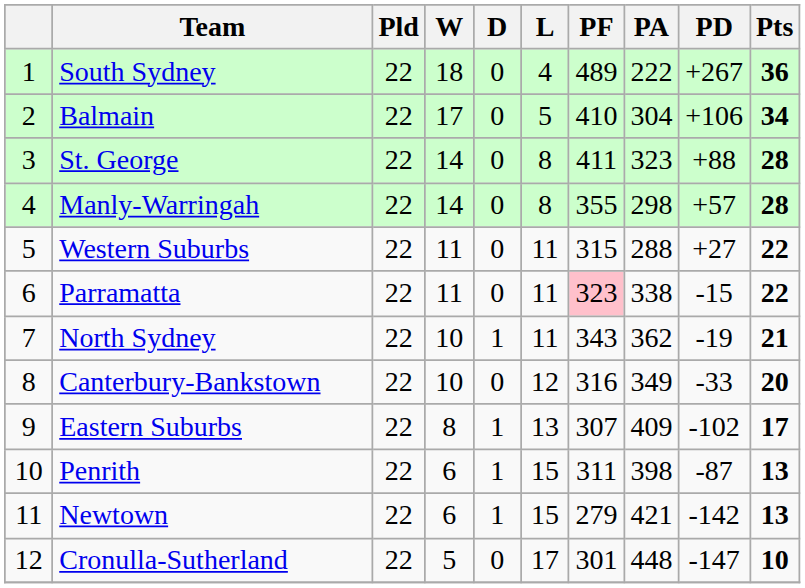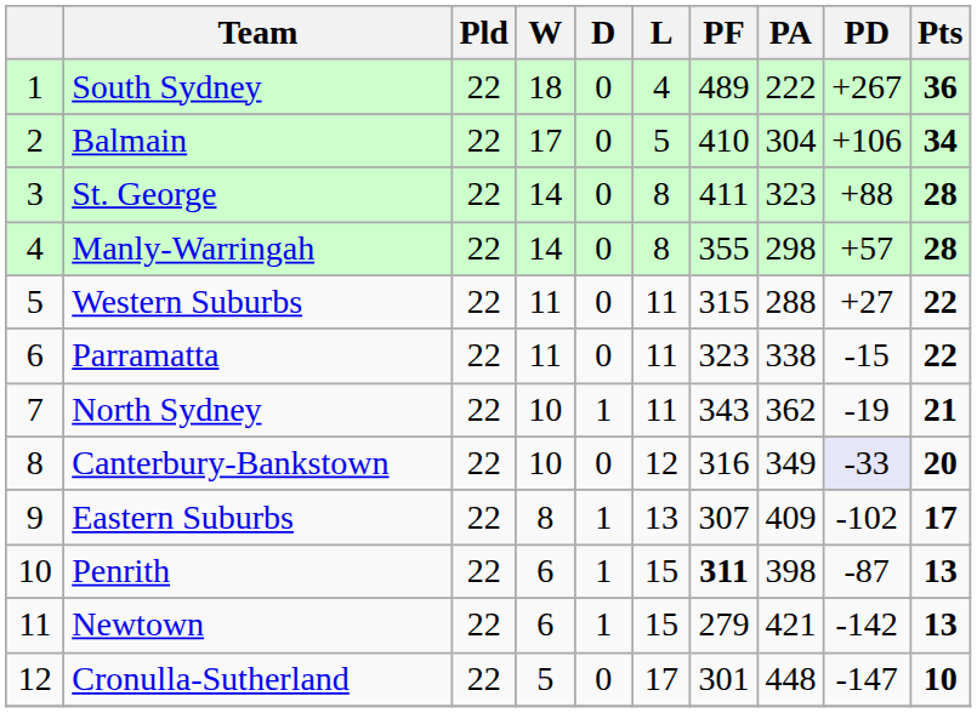 <table class="wikitable" style="text-align:center;">
 <tr>
 <th width=20 abbr="Position×"></th>
 <th width=175>Team</th>
 <th width=20 abbr="Played">Pld</th>
 <th width=20 abbr="Won">W</th>
 <th width=20 abbr="Drawn">D</th>
 <th width=20 abbr="Lost">L</th>
 <th width=20 abbr="Points for">PF</th>
 <th width=20 abbr="Points against">PA</th>
 <th width=20 abbr="Points difference">PD</th>
 <th width=20 abbr="Points">Pts</th>
 </tr>
 <tr style="background: #ccffcc;">
 <td>1</td>
 <td style="text-align:left;"> <a href='#'>South Sydney</a></td>
 <td>22</td>
 <td>18</td>
 <td>0</td>
 <td>4</td>
 <td>489</td>
 <td>222</td>
 <td>+267</td>
 <td><strong>36</strong></td>
 </tr>
 <tr style="background: #ccffcc;">
 <td>2</td>
 <td style="text-align:left;"> <a href='#'>Balmain</a></td>
 <td>22</td>
 <td>17</td>
 <td>0</td>
 <td>5</td>
 <td>410</td>
 <td>304</td>
 <td>+106</td>
 <td><strong>34</strong></td>
 </tr>
 <tr style="background: #ccffcc;">
 <td>3</td>
 <td style="text-align:left;"> <a href='#'>St. George</a></td>
 <td>22</td>
 <td>14</td>
 <td>0</td>
 <td>8</td>
 <td>411</td>
 <td>323</td>
 <td>+88</td>
 <td><strong>28</strong></td>
 </tr>
 <tr style="background: #ccffcc;">
 <td>4</td>
 <td style="text-align:left;"> <a href='#'>Manly-Warringah</a></td>
 <td>22</td>
 <td>14</td>
 <td>0</td>
 <td>8</td>
 <td>355</td>
 <td>298</td>
 <td>+57</td>
 <td><strong>28</strong></td>
 </tr>
 <tr>
 <td>5</td>
 <td style="text-align:left;"> <a href='#'>Western Suburbs</a></td>
 <td>22</td>
 <td>11</td>
 <td>0</td>
 <td>11</td>
 <td>315</td>
 <td>288</td>
 <td>+27</td>
 <td><strong>22</strong></td>
 </tr>
 <tr>
 <td>6</td>
 <td style="text-align:left;"> <a href='#'>Parramatta</a></td>
 <td>22</td>
 <td>11</td>
 <td>0</td>
 <td>11</td>
-<td style="background: pink;">323</td>
+<td>323</td>
 <td>338</td>
 <td>-15</td>
 <td><strong>22</strong></td>
 </tr>
 <tr>
 <td>7</td>
 <td style="text-align:left;"> <a href='#'>North Sydney</a></td>
 <td>22</td>
 <td>10</td>
 <td>1</td>
 <td>11</td>
 <td>343</td>
 <td>362</td>
 <td>-19</td>
 <td><strong>21</strong></td>
 </tr>
 <tr>
 <td>8</td>
 <td style="text-align:left;"> <a href='#'>Canterbury-Bankstown</a></td>
 <td>22</td>
 <td>10</td>
 <td>0</td>
 <td>12</td>
 <td>316</td>
 <td>349</td>
-<td>-33</td>
+<td style="background: lavender;">-33</td>
 <td><strong>20</strong></td>
 </tr>
 <tr>
 <td>9</td>
 <td style="text-align:left;"> <a href='#'>Eastern Suburbs</a></td>
 <td>22</td>
 <td>8</td>
 <td>1</td>
 <td>13</td>
 <td>307</td>
 <td>409</td>
 <td>-102</td>
 <td><strong>17</strong></td>
 </tr>
 <tr>
 <td>10</td>
 <td style="text-align:left;"> <a href='#'>Penrith</a></td>
 <td>22</td>
 <td>6</td>
 <td>1</td>
 <td>15</td>
-<td>311</td>
+<td><strong>311</strong></td>
 <td>398</td>
 <td>-87</td>
 <td><strong>13</strong></td>
 </tr>
 <tr>
 <td>11</td>
 <td style="text-align:left;"> <a href='#'>Newtown</a></td>
 <td>22</td>
 <td>6</td>
 <td>1</td>
 <td>15</td>
 <td>279</td>
 <td>421</td>
 <td>-142</td>
 <td><strong>13</strong></td>
 </tr>
 <tr>
 <td>12</td>
 <td style="text-align:left;"> <a href='#'>Cronulla-Sutherland</a></td>
 <td>22</td>
 <td>5</td>
 <td>0</td>
 <td>17</td>
 <td>301</td>
 <td>448</td>
 <td>-147</td>
 <td><strong>10</strong></td>
 </tr>
 <tr>
 </tr>
 </table>
